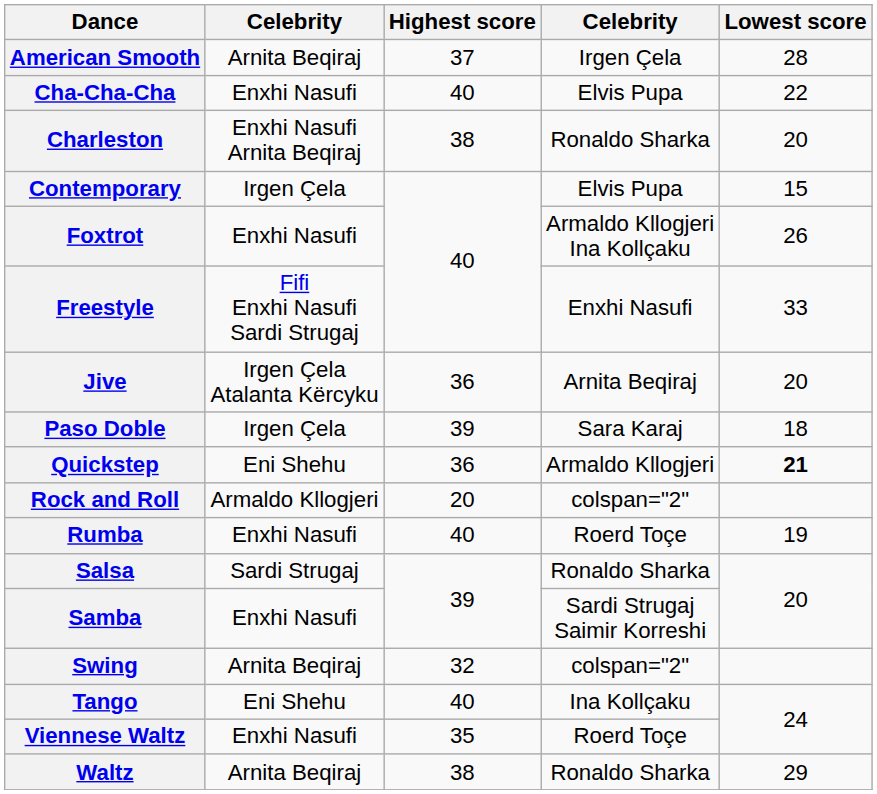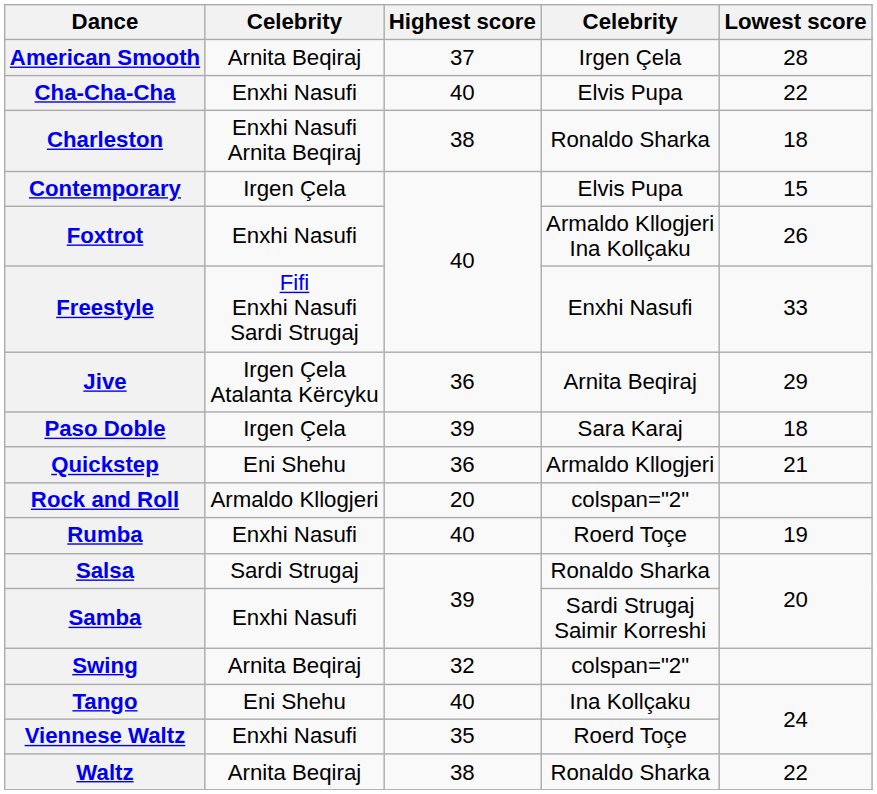 <table class="wikitable sortable" style="text-align:center">
 <tr>
 <th>Dance</th>
 <th class="sortable">Celebrity</th>
 <th>Highest score</th>
 <th class="sortable">Celebrity</th>
 <th>Lowest score</th>
 </tr>
 <tr>
 <th><a href='#'>American Smooth</a></th>
 <td>Arnita Beqiraj</td>
 <td>37</td>
 <td>Irgen Çela</td>
 <td>28</td>
 </tr>
 <tr>
 <th><a href='#'>Cha-Cha-Cha</a></th>
 <td>Enxhi Nasufi</td>
 <td>40</td>
 <td>Elvis Pupa</td>
 <td>22</td>
 </tr>
 <tr>
 <th><a href='#'>Charleston</a></th>
 <td>Enxhi Nasufi<br>Arnita Beqiraj</td>
 <td>38</td>
 <td>Ronaldo Sharka</td>
-<td>20</td>
+<td>18</td>
 </tr>
 <tr>
 <th><a href='#'>Contemporary</a></th>
 <td>Irgen Çela</td>
 <td rowspan="3">40</td>
 <td>Elvis Pupa</td>
 <td>15</td>
 </tr>
 <tr>
 <th><a href='#'>Foxtrot</a></th>
 <td>Enxhi Nasufi</td>
 <td>Armaldo Kllogjeri<br>Ina Kollçaku</td>
 <td>26</td>
 </tr>
 <tr>
 <th><a href='#'>Freestyle</a></th>
 <td><a href='#'>Fifi</a><br>Enxhi Nasufi<br>Sardi Strugaj</td>
 <td>Enxhi Nasufi</td>
 <td>33</td>
 </tr>
 <tr>
 <th><a href='#'>Jive</a></th>
 <td>Irgen Çela<br>Atalanta Kërcyku</td>
 <td>36</td>
 <td>Arnita Beqiraj</td>
-<td>20</td>
+<td>29</td>
 </tr>
 <tr>
 <th><a href='#'>Paso Doble</a></th>
 <td>Irgen Çela</td>
 <td>39</td>
 <td>Sara Karaj</td>
 <td>18</td>
 </tr>
 <tr>
 <th><a href='#'>Quickstep</a></th>
 <td>Eni Shehu</td>
 <td>36</td>
 <td>Armaldo Kllogjeri</td>
-<td><strong>21</strong></td>
+<td>21</td>
 </tr>
 <tr>
 <th><a href='#'>Rock and Roll</a></th>
 <td>Armaldo Kllogjeri</td>
 <td>20</td>
 <td>colspan="2" </td>
 </tr>
 <tr>
 <th><a href='#'>Rumba</a></th>
 <td>Enxhi Nasufi</td>
 <td>40</td>
 <td>Roerd Toçe</td>
 <td>19</td>
 </tr>
 <tr>
 <th><a href='#'>Salsa</a></th>
 <td>Sardi Strugaj</td>
 <td rowspan="2">39</td>
 <td>Ronaldo Sharka</td>
 <td rowspan="2">20</td>
 </tr>
 <tr>
 <th><a href='#'>Samba</a></th>
 <td>Enxhi Nasufi</td>
 <td>Sardi Strugaj<br>Saimir Korreshi</td>
 </tr>
 <tr>
 <th><a href='#'>Swing</a></th>
 <td>Arnita Beqiraj</td>
 <td>32</td>
 <td>colspan="2" </td>
 </tr>
 <tr>
 <th><a href='#'>Tango</a></th>
 <td>Eni Shehu</td>
 <td>40</td>
 <td>Ina Kollçaku</td>
 <td rowspan="2">24</td>
 </tr>
 <tr>
 <th><a href='#'>Viennese Waltz</a></th>
 <td>Enxhi Nasufi</td>
 <td>35</td>
 <td>Roerd Toçe</td>
 </tr>
 <tr>
 <th><a href='#'>Waltz</a></th>
 <td>Arnita Beqiraj</td>
 <td>38</td>
 <td>Ronaldo Sharka</td>
-<td>29</td>
+<td>22</td>
 </tr>
 <tr>
 </tr>
 </table>
